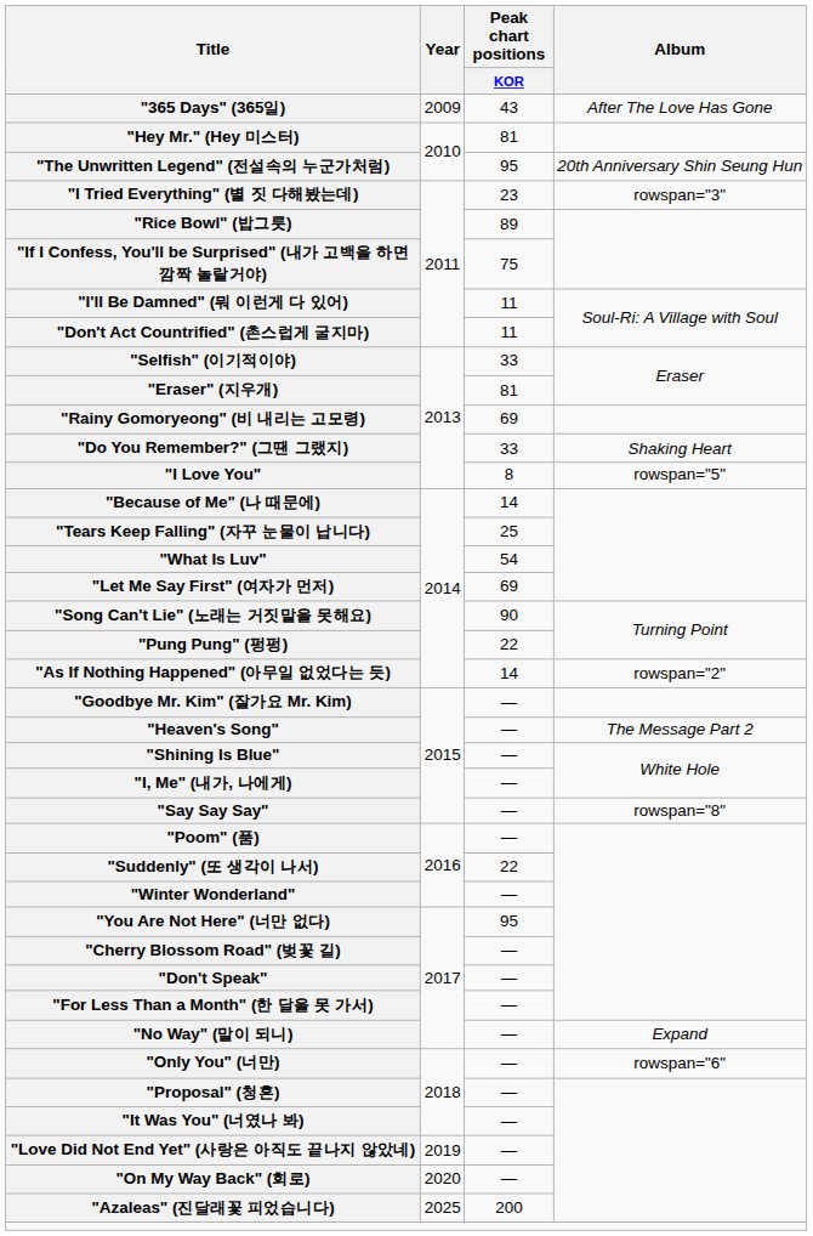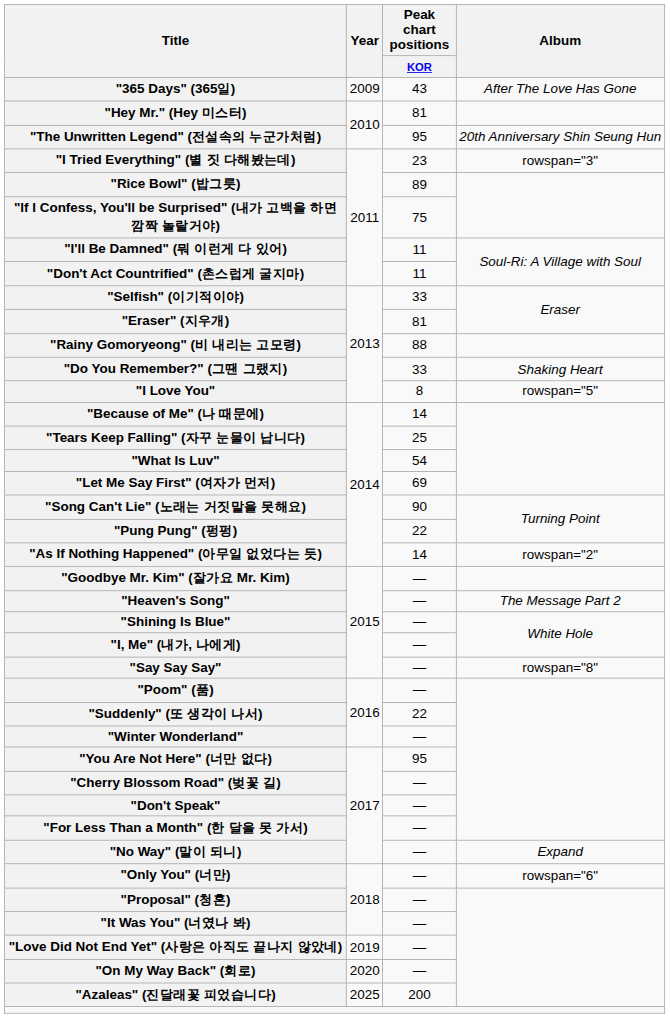 <table class="wikitable plainrowheaders" style="text-align:center;">
 <tr>
 <th scope="col" rowspan="2" style="width:25em;">Title</th>
 <th scope="col" rowspan="2">Year</th>
 <th scope="col" colspan="1" style="width:5em;">Peak chart positions</th>
 <th scope="col" rowspan="2">Album</th>
 </tr>
 <tr>
 <th><small><a href='#'>KOR</a></small><br></th>
 </tr>
 <tr>
 <th scope="row">"365 Days" (365일)</th>
 <td>2009</td>
 <td>43</td>
 <td><em>After The Love Has Gone</em></td>
 </tr>
 <tr>
 <th scope="row">"Hey Mr." (Hey 미스터)</th>
 <td rowspan="2">2010</td>
 <td>81</td>
 <td></td>
 </tr>
 <tr>
 <th scope="row">"The Unwritten Legend" (전설속의 누군가처럼)<br></th>
 <td>95</td>
 <td><em>20th Anniversary Shin Seung Hun</em></td>
 </tr>
 <tr>
 <th scope="row">"I Tried Everything" (별 짓 다해봤는데)</th>
 <td rowspan="5">2011</td>
 <td>23</td>
 <td>rowspan="3" </td>
 </tr>
 <tr>
 <th scope="row">"Rice Bowl" (밥그릇)</th>
 <td>89</td>
 </tr>
 <tr>
 <th scope="row">"If I Confess, You'll be Surprised" (내가 고백을 하면 깜짝 놀랄거야)</th>
 <td>75</td>
 </tr>
 <tr>
 <th scope="row">"I'll Be Damned" (뭐 이런게 다 있어)</th>
 <td>11</td>
 <td rowspan="2"><em>Soul-Ri: A Village with Soul</em></td>
 </tr>
 <tr>
 <th scope="row">"Don't Act Countrified" (촌스럽게 굴지마)<br></th>
 <td>11</td>
 </tr>
 <tr>
 <th scope="row">"Selfish" (이기적이야)</th>
 <td rowspan="5">2013</td>
 <td>33</td>
 <td rowspan="2"><em>Eraser</em></td>
 </tr>
 <tr>
 <th scope="row">"Eraser" (지우개)</th>
 <td>81</td>
 </tr>
 <tr>
 <th scope="row">"Rainy Gomoryeong" (비 내리는 고모령)<br></th>
-<td>69</td>
+<td>88</td>
 <td></td>
 </tr>
 <tr>
 <th scope="row">"Do You Remember?" (그땐 그랬지)<br></th>
 <td>33</td>
 <td><em>Shaking Heart</em></td>
 </tr>
 <tr>
 <th scope="row">"I Love You"<br></th>
 <td>8</td>
 <td>rowspan="5" </td>
 </tr>
 <tr>
 <th scope="row">"Because of Me" (나 때문에)</th>
 <td rowspan="7">2014</td>
 <td>14</td>
 </tr>
 <tr>
 <th scope="row">"Tears Keep Falling" (자꾸 눈물이 납니다)</th>
 <td>25</td>
 </tr>
 <tr>
 <th scope="row">"What Is Luv"<br></th>
 <td>54</td>
 </tr>
 <tr>
 <th scope="row">"Let Me Say First" (여자가 먼저)</th>
 <td>69</td>
 </tr>
 <tr>
 <th scope="row">"Song Can't Lie" (노래는 거짓말을 못해요)</th>
 <td>90</td>
 <td rowspan="2"><em>Turning Point</em></td>
 </tr>
 <tr>
 <th scope="row">"Pung Pung" (펑펑)</th>
 <td>22</td>
 </tr>
 <tr>
 <th scope="row">"As If Nothing Happened" (아무일 없었다는 듯)<br></th>
 <td>14</td>
 <td>rowspan="2" </td>
 </tr>
 <tr>
 <th scope="row">"Goodbye Mr. Kim" (잘가요 Mr. Kim)<br></th>
 <td rowspan="5">2015</td>
 <td>—</td>
 </tr>
 <tr>
 <th scope="row">"Heaven's Song"</th>
 <td>—</td>
 <td><em>The Message Part 2</em></td>
 </tr>
 <tr>
 <th scope="row">"Shining Is Blue"<br></th>
 <td>—</td>
 <td rowspan="2"><em>White Hole</em></td>
 </tr>
 <tr>
 <th scope="row">"I, Me" (내가, 나에게)</th>
 <td>—</td>
 </tr>
 <tr>
 <th scope="row">"Say Say Say"<br></th>
 <td>—</td>
 <td>rowspan="8" </td>
 </tr>
 <tr>
 <th scope="row">"Poom" (품)<br></th>
 <td rowspan="3">2016</td>
 <td>—</td>
 </tr>
 <tr>
 <th scope="row">"Suddenly" (또 생각이 나서)<br></th>
 <td>22</td>
 </tr>
 <tr>
 <th scope="row">"Winter Wonderland"</th>
 <td>—</td>
 </tr>
 <tr>
 <th scope="row">"You Are Not Here" (너만 없다)<br></th>
 <td rowspan="5">2017</td>
 <td>95</td>
 </tr>
 <tr>
 <th scope="row">"Cherry Blossom Road" (벚꽃 길)</th>
 <td>—</td>
 </tr>
 <tr>
 <th scope="row">"Don't Speak"<br></th>
 <td>—</td>
 </tr>
 <tr>
 <th scope="row">"For Less Than a Month" (한 달을 못 가서)<br></th>
 <td>—</td>
 </tr>
 <tr>
 <th scope="row">"No Way" (말이 되니)</th>
 <td>—</td>
 <td><em>Expand</em></td>
 </tr>
 <tr>
 <th scope="row">"Only You" (너만)</th>
 <td rowspan="3">2018</td>
 <td>—</td>
 <td>rowspan="6" </td>
 </tr>
 <tr>
 <th scope="row">"Proposal" (청혼)</th>
 <td>—</td>
 </tr>
 <tr>
 <th scope="row">"It Was You" (너였나 봐)</th>
 <td>—</td>
 </tr>
 <tr>
 <th scope="row">"Love Did Not End Yet" (사랑은 아직도 끝나지 않았네)</th>
 <td>2019</td>
 <td>—</td>
 </tr>
 <tr>
 <th scope="row">"On My Way Back" (회로)<br></th>
 <td>2020</td>
 <td>—</td>
 </tr>
 <tr>
 <th scope="row">"Azaleas" (진달래꽃 피었습니다)</th>
 <td>2025</td>
 <td>200</td>
 </tr>
 <tr>
 <td colspan="4"></td>
 </tr>
 </table>
